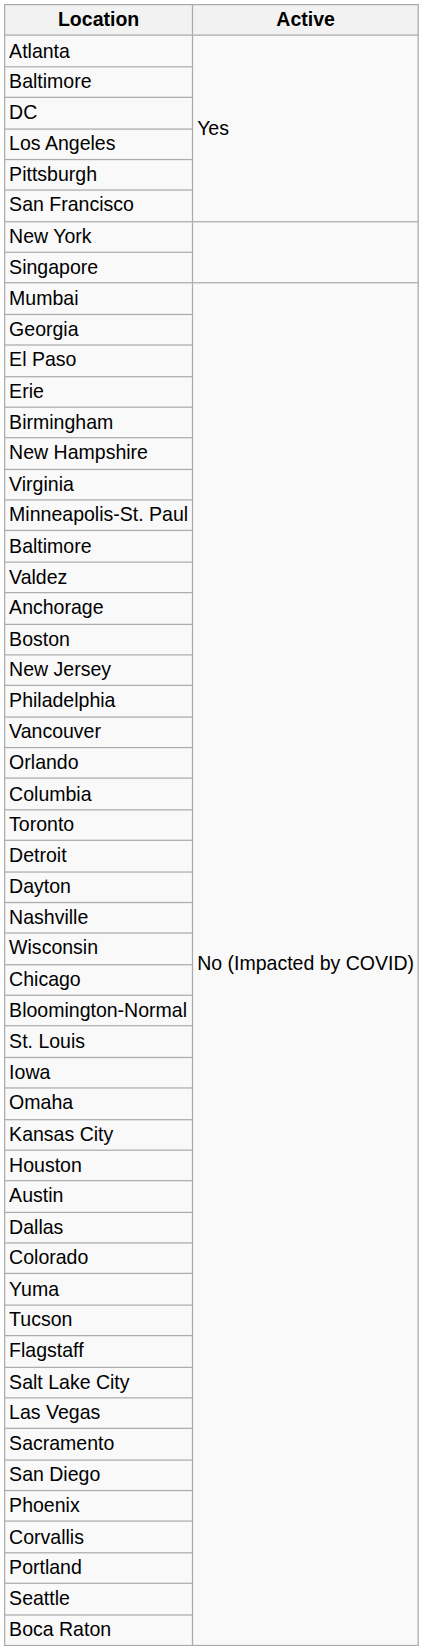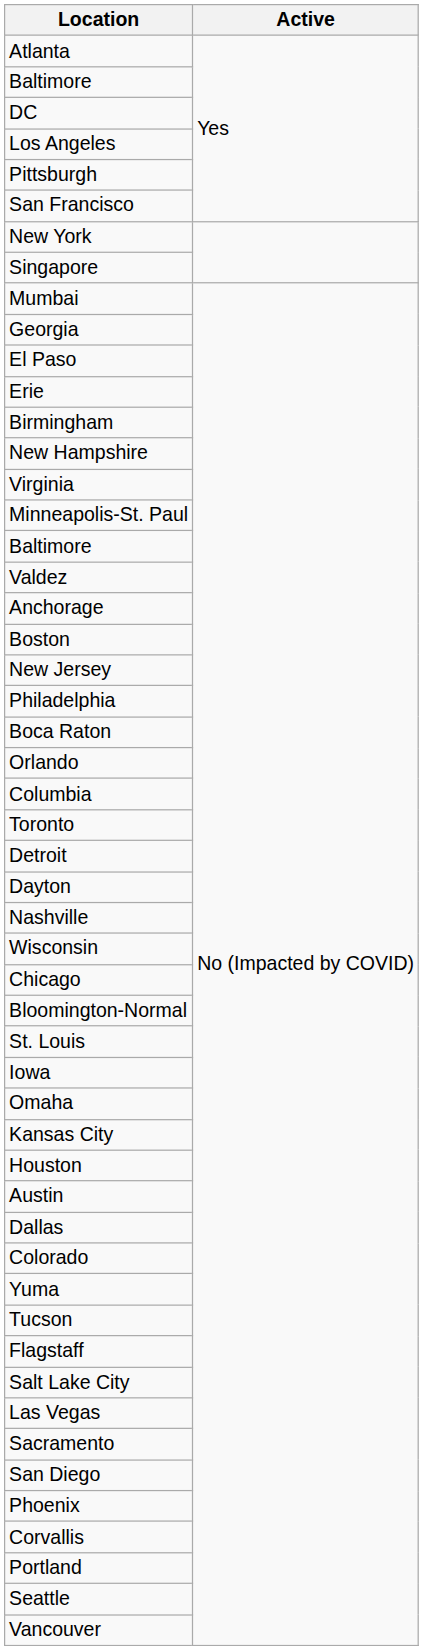 <table class="wikitable mw-collapsible mw-collapsed">
 <tr>
 <th>Location</th>
 <th>Active</th>
 </tr>
 <tr>
 <td>Atlanta</td>
 <td rowspan="6">Yes</td>
 </tr>
 <tr>
 <td>Baltimore</td>
 </tr>
 <tr>
 <td>DC</td>
 </tr>
 <tr>
 <td>Los Angeles</td>
 </tr>
 <tr>
 <td>Pittsburgh</td>
 </tr>
 <tr>
 <td>San Francisco</td>
 </tr>
 <tr>
 <td>New York</td>
 </tr>
 <tr>
 <td>Singapore</td>
 </tr>
 <tr>
 <td>Mumbai</td>
 <td rowspan="44">No (Impacted by COVID)</td>
 </tr>
 <tr>
 <td>Georgia</td>
 </tr>
 <tr>
 <td>El Paso</td>
 </tr>
 <tr>
 <td>Erie</td>
 </tr>
 <tr>
 <td>Birmingham</td>
 </tr>
 <tr>
 <td>New Hampshire</td>
 </tr>
 <tr>
 <td>Virginia</td>
 </tr>
 <tr>
 <td>Minneapolis-St. Paul</td>
 </tr>
 <tr>
 <td>Baltimore</td>
 </tr>
 <tr>
 <td>Valdez</td>
 </tr>
 <tr>
 <td>Anchorage</td>
 </tr>
 <tr>
 <td>Boston</td>
 </tr>
 <tr>
 <td>New Jersey</td>
 </tr>
 <tr>
 <td>Philadelphia</td>
 </tr>
 <tr>
-<td>Vancouver</td>
+<td>Boca Raton</td>
 </tr>
 <tr>
 <td>Orlando</td>
 </tr>
 <tr>
 <td>Columbia</td>
 </tr>
 <tr>
 <td>Toronto</td>
 </tr>
 <tr>
 <td>Detroit</td>
 </tr>
 <tr>
 <td>Dayton</td>
 </tr>
 <tr>
 <td>Nashville</td>
 </tr>
 <tr>
 <td>Wisconsin</td>
 </tr>
 <tr>
 <td>Chicago</td>
 </tr>
 <tr>
 <td>Bloomington-Normal</td>
 </tr>
 <tr>
 <td>St. Louis</td>
 </tr>
 <tr>
 <td>Iowa</td>
 </tr>
 <tr>
 <td>Omaha</td>
 </tr>
 <tr>
 <td>Kansas City</td>
 </tr>
 <tr>
 <td>Houston</td>
 </tr>
 <tr>
 <td>Austin</td>
 </tr>
 <tr>
 <td>Dallas</td>
 </tr>
 <tr>
 <td>Colorado</td>
 </tr>
 <tr>
 <td>Yuma</td>
 </tr>
 <tr>
 <td>Tucson</td>
 </tr>
 <tr>
 <td>Flagstaff</td>
 </tr>
 <tr>
 <td>Salt Lake City</td>
 </tr>
 <tr>
 <td>Las Vegas</td>
 </tr>
 <tr>
 <td>Sacramento</td>
 </tr>
 <tr>
 <td>San Diego</td>
 </tr>
 <tr>
 <td>Phoenix</td>
 </tr>
 <tr>
 <td>Corvallis</td>
 </tr>
 <tr>
 <td>Portland</td>
 </tr>
 <tr>
 <td>Seattle</td>
 </tr>
 <tr>
-<td>Boca Raton</td>
+<td>Vancouver</td>
 </tr>
 </table>
